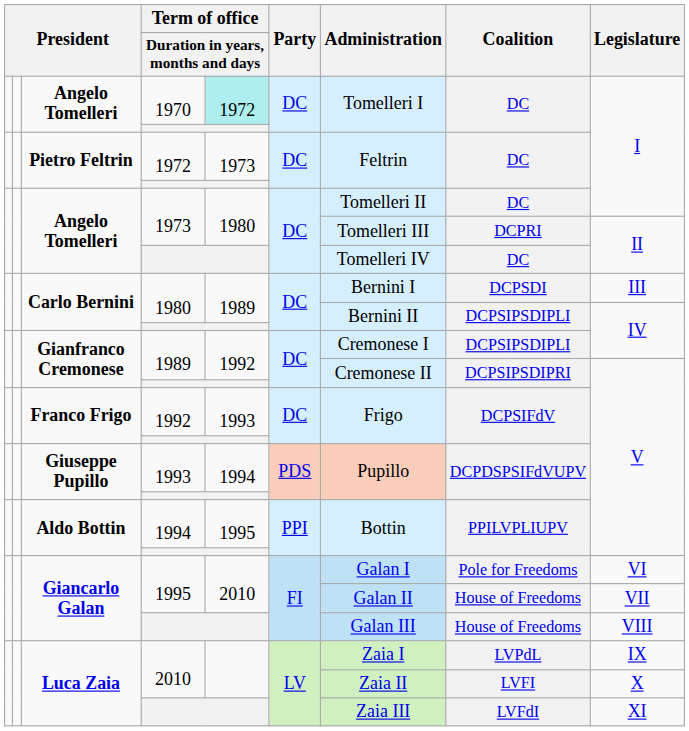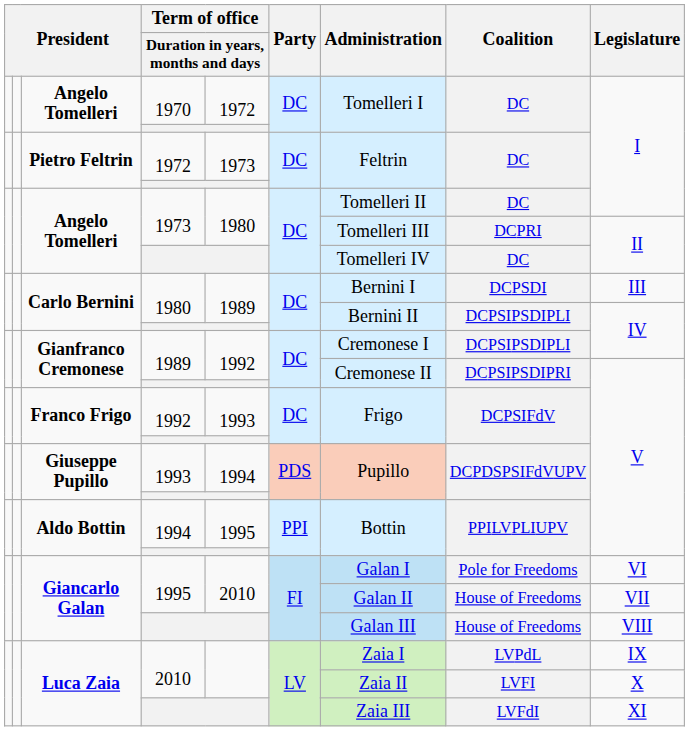 <table class="wikitable" style="text-align:center">
 <tr>
 <th rowspan=2 colspan=3>President</th>
 <th colspan=2>Term of office</th>
 <th rowspan=2>Party</th>
 <th rowspan=2>Administration</th>
 <th rowspan=2 style="font-size:100%; line-height:normal">Coalition</th>
 <th rowspan=2>Legislature</th>
 </tr>
 <tr>
 <th colspan=2 style="font-size:85%; line-height:normal">Duration in years, months and days</th>
 </tr>
 <tr>
 <td rowspan=2><strong></strong></td>
 <td rowspan=2></td>
 <td rowspan=2><strong>Angelo Tomelleri</strong><br></td>
 <td><br>1970</td>
-<td style="background: paleturquoise;"><br>1972</td>
+<td><br>1972</td>
 <td rowspan=2 bgcolor=#D5EFFF><a href='#'>DC</a></td>
 <td rowspan=2 bgcolor=#D5EFFF>Tomelleri I</td>
 <th rowspan=2 style="font-weight:normal; text-align:center; font-size:90%"><a href='#'>DC</a></th>
 <td rowspan=5><a href='#'>I<br></a></td>
 </tr>
 <tr>
 <th colspan=2 style="font-weight:normal; text-align:center; font-size:90%"></th>
 </tr>
 <tr>
 <td rowspan=2><strong></strong></td>
 <td rowspan=2></td>
 <td rowspan=2><strong>Pietro Feltrin</strong><br></td>
 <td><br>1972</td>
 <td><br>1973</td>
 <td rowspan=2 bgcolor=#D5EFFF><a href='#'>DC</a></td>
 <td rowspan=2 bgcolor=#D5EFFF>Feltrin</td>
 <th rowspan=2 style="font-weight:normal; text-align:center; font-size:90%"><a href='#'>DC</a></th>
 </tr>
 <tr>
 <th colspan=2 style="font-weight:normal; text-align:center; font-size:90%"></th>
 </tr>
 <tr>
 <td rowspan=4><strong></strong></td>
 <td rowspan=4></td>
 <td rowspan=4><strong>Angelo Tomelleri</strong><br></td>
 <td rowspan=3><br>1973</td>
 <td rowspan=3><br>1980</td>
 <td rowspan=4 bgcolor=#D5EFFF><a href='#'>DC</a></td>
 <td bgcolor=#D5EFFF>Tomelleri II</td>
 <th style="font-weight:normal; text-align:center; font-size:90%"><a href='#'>DC</a></th>
 </tr>
 <tr>
 <td bgcolor=#D5EFFF>Tomelleri III</td>
 <th style="font-weight:normal; text-align:center; font-size:90%"><a href='#'>DC</a><a href='#'>PRI</a></th>
 <td rowspan=3><a href='#'>II<br></a></td>
 </tr>
 <tr>
 <td rowspan=2 bgcolor=#D5EFFF>Tomelleri IV</td>
 <th rowspan=2 style="font-weight:normal; text-align:center; font-size:90%"><a href='#'>DC</a></th>
 </tr>
 <tr>
 <th colspan=2 style="font-weight:normal; text-align:center; font-size:90%"></th>
 </tr>
 <tr>
 <td rowspan=3><strong></strong></td>
 <td rowspan=3></td>
 <td rowspan=3><strong>Carlo Bernini</strong><br></td>
 <td rowspan=2><br>1980</td>
 <td rowspan=2><br>1989</td>
 <td rowspan=3 bgcolor=#D5EFFF><a href='#'>DC</a></td>
 <td bgcolor=#D5EFFF>Bernini I</td>
 <th style="font-weight:normal; text-align:center; font-size:90%"><a href='#'>DC</a><a href='#'>PSDI</a></th>
 <td><a href='#'>III<br></a></td>
 </tr>
 <tr>
 <td rowspan=2 bgcolor=#D5EFFF>Bernini II</td>
 <th rowspan=2 style="font-weight:normal; text-align:center; font-size:90%"><a href='#'>DC</a><a href='#'>PSI</a><a href='#'>PSDI</a><a href='#'>PLI</a></th>
 <td rowspan=3><a href='#'>IV<br></a></td>
 </tr>
 <tr>
 <th colspan=2 style="font-weight:normal; text-align:center; font-size:90%"></th>
 </tr>
 <tr>
 <td rowspan=3><strong></strong></td>
 <td rowspan=3></td>
 <td rowspan=3><strong>Gianfranco Cremonese</strong><br></td>
 <td rowspan=2><br>1989</td>
 <td rowspan=2><br>1992</td>
 <td rowspan=3 bgcolor=#D5EFFF><a href='#'>DC</a></td>
 <td bgcolor=#D5EFFF>Cremonese I</td>
 <th style="font-weight:normal; text-align:center; font-size:90%"><a href='#'>DC</a><a href='#'>PSI</a><a href='#'>PSDI</a><a href='#'>PLI</a></th>
 </tr>
 <tr>
 <td rowspan=2 bgcolor=#D5EFFF>Cremonese II</td>
 <th rowspan=2 style="font-weight:normal; text-align:center; font-size:90%"><a href='#'>DC</a><a href='#'>PSI</a><a href='#'>PSDI</a><a href='#'>PRI</a></th>
 <td rowspan=8><a href='#'>V<br></a></td>
 </tr>
 <tr>
 <th colspan=2 style="font-weight:normal; text-align:center; font-size:90%"></th>
 </tr>
 <tr>
 <td rowspan=2><strong></strong></td>
 <td rowspan=2></td>
 <td rowspan=2><strong>Franco Frigo</strong><br></td>
 <td><br>1992</td>
 <td><br>1993</td>
 <td rowspan=2 bgcolor=#D5EFFF><a href='#'>DC</a></td>
 <td rowspan=2 bgcolor=#D5EFFF>Frigo</td>
 <th rowspan=2 style="font-weight:normal; text-align:center; font-size:90%"><a href='#'>DC</a><a href='#'>PSI</a><a href='#'>FdV</a></th>
 </tr>
 <tr>
 <th colspan=2 style="font-weight:normal; text-align:center; font-size:90%"></th>
 </tr>
 <tr>
 <td rowspan=2><strong></strong></td>
 <td rowspan=2></td>
 <td rowspan=2><strong>Giuseppe Pupillo</strong><br></td>
 <td><br>1993</td>
 <td><br>1994</td>
 <td rowspan=2 bgcolor=#FACDBA><a href='#'>PDS</a></td>
 <td rowspan=2 bgcolor=#FACDBA>Pupillo</td>
 <th rowspan=2 style="font-weight:normal; text-align:center; font-size:90%"><a href='#'>DC</a><a href='#'>PDS</a><a href='#'>PSI</a><a href='#'>FdV</a><a href='#'>UPV</a></th>
 </tr>
 <tr>
 <th colspan=2 style="font-weight:normal; text-align:center; font-size:90%"></th>
 </tr>
 <tr>
 <td rowspan=2><strong></strong></td>
 <td rowspan=2></td>
 <td rowspan=2><strong>Aldo Bottin</strong><br></td>
 <td><br>1994</td>
 <td><br>1995</td>
 <td rowspan=2 bgcolor=#D5EFFF><a href='#'>PPI</a></td>
 <td rowspan=2 bgcolor=#D5EFFF>Bottin</td>
 <th rowspan=2 style="font-weight:normal; text-align:center; font-size:90%"><a href='#'>PPI</a><a href='#'>LV</a><a href='#'>PLI</a><a href='#'>UPV</a></th>
 </tr>
 <tr>
 <th colspan=2 style="font-weight:normal; text-align:center; font-size:90%"></th>
 </tr>
 <tr>
 <td rowspan=4><strong></strong></td>
 <td rowspan=4></td>
 <td rowspan=4><strong><a href='#'>Giancarlo Galan</a></strong><br></td>
 <td rowspan=3><br>1995</td>
 <td rowspan=3><br>2010</td>
 <td rowspan=4 bgcolor=#BEE1F5><a href='#'>FI</a></td>
 <td bgcolor=#BEE1F5><a href='#'>Galan I</a></td>
 <th style="font-weight:normal; text-align:center; font-size:90%"><a href='#'>Pole for Freedoms</a><br></th>
 <td><a href='#'>VI<br></a></td>
 </tr>
 <tr>
 <td bgcolor=#BEE1F5><a href='#'>Galan II</a></td>
 <th style="font-weight:normal; text-align:center; font-size:90%"><a href='#'>House of Freedoms</a><br></th>
 <td><a href='#'>VII<br></a></td>
 </tr>
 <tr>
 <td rowspan=2 bgcolor=#BEE1F5><a href='#'>Galan III</a></td>
 <th rowspan=2 style="font-weight:normal; text-align:center; font-size:90%"><a href='#'>House of Freedoms</a><br></th>
 <td rowspan=2><a href='#'>VIII<br></a></td>
 </tr>
 <tr>
 <th colspan=2 style="font-weight:normal; text-align:center; font-size:90%"></th>
 </tr>
 <tr>
 <td rowspan=4><strong></strong></td>
 <td rowspan=4></td>
 <td rowspan=4><strong><a href='#'>Luca Zaia</a></strong><br></td>
 <td rowspan=3><br>2010</td>
 <td rowspan=3></td>
 <td rowspan=4 bgcolor=#D0F0C0><a href='#'>LV</a></td>
 <td bgcolor=#D0F0C0><a href='#'>Zaia I</a></td>
 <th style="font-weight:normal; text-align:center; font-size:90%"><a href='#'>LV</a><a href='#'>PdL</a></th>
 <td><a href='#'>IX<br></a></td>
 </tr>
 <tr>
 <td bgcolor=#D0F0C0><a href='#'>Zaia II</a></td>
 <th style="font-weight:normal; text-align:center; font-size:90%"><a href='#'>LV</a><a href='#'>FI</a></th>
 <td><a href='#'>X<br></a></td>
 </tr>
 <tr>
 <td rowspan=2 bgcolor=#D0F0C0><a href='#'>Zaia III</a></td>
 <th rowspan=2 style="font-weight:normal; text-align:center; font-size:90%"><a href='#'>LV</a><a href='#'>FdI</a></th>
 <td rowspan=2><a href='#'>XI<br></a></td>
 </tr>
 <tr>
 <th colspan=2 style="font-weight:normal; text-align:center; font-size:90%"></th>
 </tr>
 </table>
